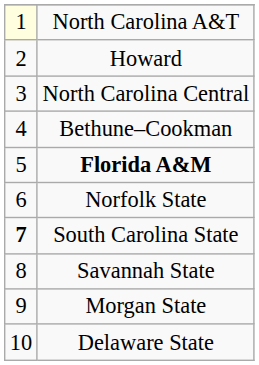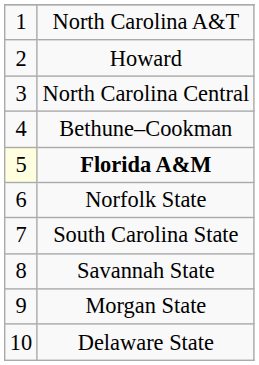 <table class="wikitable">
 <tr align="center">
 </tr>
 <tr align="center">
-<td style="background: lightyellow;">1</td>
+<td>1</td>
 <td>North Carolina A&T</td>
 </tr>
 <tr align="center">
 <td>2</td>
 <td>Howard</td>
 </tr>
 <tr align="center">
 <td>3</td>
 <td>North Carolina Central</td>
 </tr>
 <tr align="center">
 <td>4</td>
 <td>Bethune–Cookman</td>
 </tr>
 <tr align="center">
-<td>5</td>
+<td style="background: lightyellow;">5</td>
 <td><strong>Florida A&M</strong></td>
 </tr>
 <tr align="center">
 <td>6</td>
 <td>Norfolk State</td>
 </tr>
 <tr align="center">
-<td><strong>7</strong></td>
+<td>7</td>
 <td>South Carolina State</td>
 </tr>
 <tr align="center">
 <td>8</td>
 <td>Savannah State</td>
 </tr>
 <tr align="center">
 <td>9</td>
 <td>Morgan State</td>
 </tr>
 <tr align="center">
 <td>10</td>
 <td>Delaware State</td>
 </tr>
 </table>
